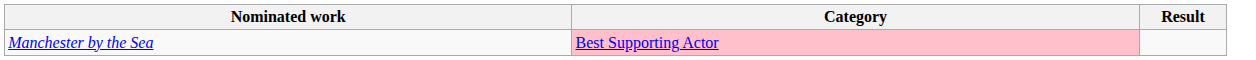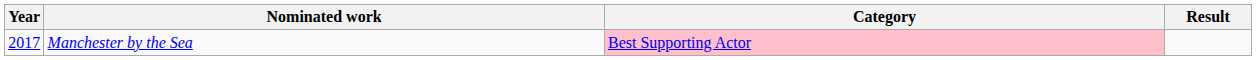 <table class="wikitable">
 <tr>
+<th scope="col" style="width:1em;">Year</th>
 <th scope="col" style="width:35em;">Nominated work</th>
 <th scope="col" style="width:35em;">Category</th>
 <th scope="col" style="width:5em;">Result</th>
 </tr>
 <tr>
+<td><a href='#'>2017</a></td>
 <td><em><a href='#'>Manchester by the Sea</a></em></td>
 <td style="background: pink;"><a href='#'>Best Supporting Actor</a></td>
 <td></td>
 </tr>
 </table>
